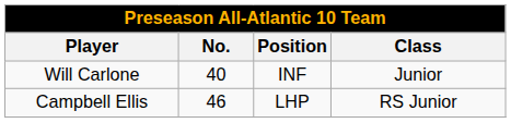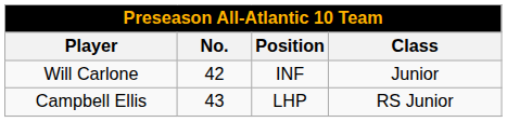 <table class="wikitable" style="text-align:center">
 <tr>
 <td colspan="5" style= "background: #000000; color:#FFB300"><strong>Preseason All-Atlantic 10 Team</strong></td>
 </tr>
 <tr>
 <th style="width:150px; ">Player</th>
 <th style="width:60px; ">No.</th>
 <th style="width:60px; ">Position</th>
 <th style="width:150px; ">Class</th>
 </tr>
 <tr>
 <td>Will Carlone</td>
-<td>40</td>
+<td>42</td>
 <td>INF</td>
 <td>Junior</td>
 </tr>
 <tr>
 <td>Campbell Ellis</td>
-<td>46</td>
+<td>43</td>
 <td>LHP</td>
 <td>RS Junior</td>
 </tr>
 <tr>
 </tr>
 </table>
